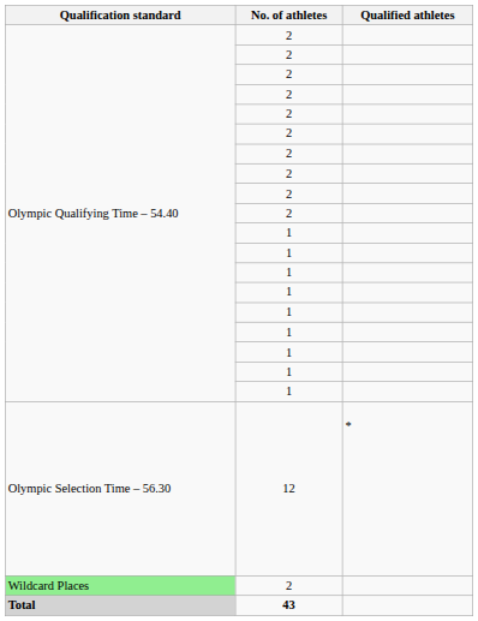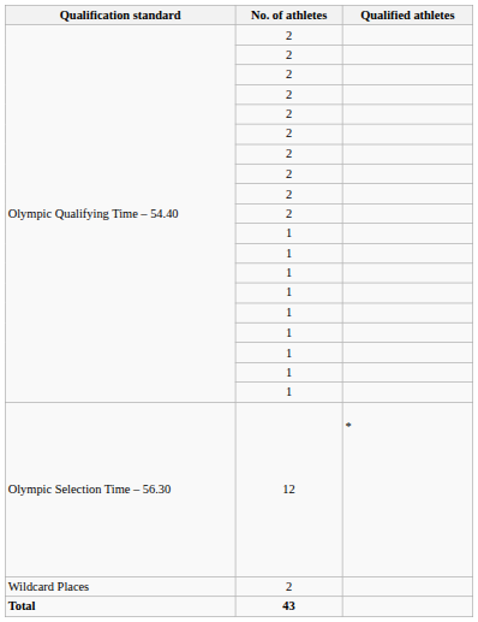 <table class=wikitable style="text-align:left" width=600>
 <tr>
 <th>Qualification standard</th>
 <th>No. of athletes</th>
 <th>Qualified athletes</th>
 </tr>
 <tr>
 <td rowspan="19">Olympic Qualifying Time – 54.40</td>
 <td align=center>2</td>
 <td><br></td>
 </tr>
 <tr>
 <td align=center>2</td>
 <td><br></td>
 </tr>
 <tr>
 <td align=center>2</td>
 <td><br></td>
 </tr>
 <tr>
 <td align=center>2</td>
 <td> <br> </td>
 </tr>
 <tr>
 <td align=center>2</td>
 <td><br></td>
 </tr>
 <tr>
 <td align=center>2</td>
 <td><br></td>
 </tr>
 <tr>
 <td align=center>2</td>
 <td><br></td>
 </tr>
 <tr>
 <td align=center>2</td>
 <td><br></td>
 </tr>
 <tr>
 <td align=center>2</td>
 <td> <br> </td>
 </tr>
 <tr>
 <td align=center>2</td>
 <td><br></td>
 </tr>
 <tr>
 <td align=center>1</td>
 <td></td>
 </tr>
 <tr>
 <td align=center>1</td>
 <td></td>
 </tr>
 <tr>
 <td align=center>1</td>
 <td></td>
 </tr>
 <tr>
 <td align=center>1</td>
 <td></td>
 </tr>
 <tr>
 <td align=center>1</td>
 <td></td>
 </tr>
 <tr>
 <td align=center>1</td>
 <td></td>
 </tr>
 <tr>
 <td align=center>1</td>
 <td></td>
 </tr>
 <tr>
 <td align=center>1</td>
 <td></td>
 </tr>
 <tr>
 <td align=center>1</td>
 <td></td>
 </tr>
 <tr>
 <td rowspan="1">Olympic Selection Time – 56.30</td>
 <td align=center>12</td>
 <td> <br> *<br> <br>  <br>  <br> <br> <br>  <br>  <br> <br> <br><br></td>
 </tr>
 <tr>
-<td rowspan="1" style="background: lightgreen;">Wildcard Places</td>
+<td rowspan="1">Wildcard Places</td>
 <td align=center>2</td>
 <td><br></td>
 </tr>
 <tr>
-<td style="background: lightgrey;"><strong>Total</strong></td>
+<td><strong>Total</strong></td>
 <td align=center><strong>43</strong></td>
 <td></td>
 </tr>
 </table>
